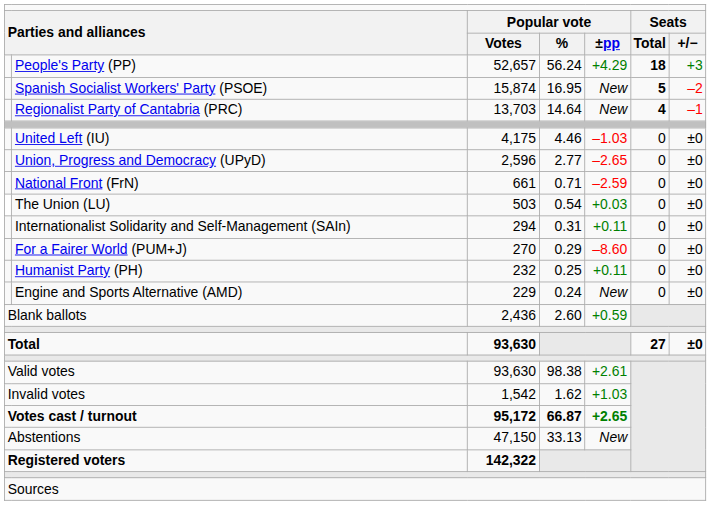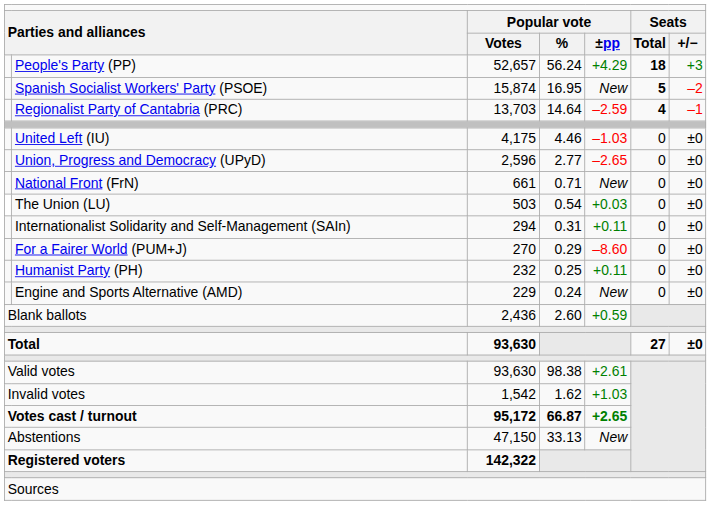 <table class="wikitable" style="text-align:right;">
 <tr>
 <td colspan="7"></td>
 </tr>
 <tr>
 <th style="text-align:left;" rowspan="2" colspan="2" width="525">Parties and alliances</th>
 <th colspan="3">Popular vote</th>
 <th colspan="2">Seats</th>
 </tr>
 <tr>
 <th width="75">Votes</th>
 <th width="45">%</th>
 <th width="45">±<a href='#'>pp</a></th>
 <th width="35">Total</th>
 <th width="35">+/−</th>
 </tr>
 <tr>
 <td width="1" style="color:inherit;background:"></td>
 <td align="left"><a href='#'>People's Party</a> (PP)</td>
 <td>52,657</td>
 <td>56.24</td>
 <td style="color:green;">+4.29</td>
 <td><strong>18</strong></td>
 <td style="color:green;">+3</td>
 </tr>
 <tr>
 <td style="color:inherit;background:"></td>
 <td align="left"><a href='#'>Spanish Socialist Workers' Party</a> (PSOE)</td>
 <td>15,874</td>
 <td>16.95</td>
 <td><em>New</em></td>
 <td><strong>5</strong></td>
 <td style="color:red;">–2</td>
 </tr>
 <tr>
 <td style="color:inherit;background:"></td>
 <td align="left"><a href='#'>Regionalist Party of Cantabria</a> (PRC)</td>
 <td>13,703</td>
 <td>14.64</td>
-<td><em>New</em></td>
+<td style="color:red;">–2.59</td>
 <td><strong>4</strong></td>
 <td style="color:red;">–1</td>
 </tr>
 <tr>
 <td colspan="7" bgcolor="#C0C0C0"></td>
 </tr>
 <tr>
 <td style="color:inherit;background:"></td>
 <td align="left"><a href='#'>United Left</a> (IU)</td>
 <td>4,175</td>
 <td>4.46</td>
 <td style="color:red;">–1.03</td>
 <td>0</td>
 <td>±0</td>
 </tr>
 <tr>
 <td style="color:inherit;background:"></td>
 <td align="left"><a href='#'>Union, Progress and Democracy</a> (UPyD)</td>
 <td>2,596</td>
 <td>2.77</td>
 <td style="color:red;">–2.65</td>
 <td>0</td>
 <td>±0</td>
 </tr>
 <tr>
 <td style="color:inherit;background:"></td>
 <td align="left"><a href='#'>National Front</a> (FrN)</td>
 <td>661</td>
 <td>0.71</td>
-<td style="color:red;">–2.59</td>
+<td><em>New</em></td>
 <td>0</td>
 <td>±0</td>
 </tr>
 <tr>
 <td bgcolor="white"></td>
 <td align="left">The Union (LU)</td>
 <td>503</td>
 <td>0.54</td>
 <td style="color:green;">+0.03</td>
 <td>0</td>
 <td>±0</td>
 </tr>
 <tr>
 <td style="color:inherit;background:"></td>
 <td align="left">Internationalist Solidarity and Self-Management (SAIn)</td>
 <td>294</td>
 <td>0.31</td>
 <td style="color:green;">+0.11</td>
 <td>0</td>
 <td>±0</td>
 </tr>
 <tr>
 <td style="color:inherit;background:"></td>
 <td align="left"><a href='#'>For a Fairer World</a> (PUM+J)</td>
 <td>270</td>
 <td>0.29</td>
 <td style="color:red;">–8.60</td>
 <td>0</td>
 <td>±0</td>
 </tr>
 <tr>
 <td style="color:inherit;background:"></td>
 <td align="left"><a href='#'>Humanist Party</a> (PH)</td>
 <td>232</td>
 <td>0.25</td>
 <td style="color:green;">+0.11</td>
 <td>0</td>
 <td>±0</td>
 </tr>
 <tr>
 <td style="color:inherit;background:"></td>
 <td align="left">Engine and Sports Alternative (AMD)</td>
 <td>229</td>
 <td>0.24</td>
 <td><em>New</em></td>
 <td>0</td>
 <td>±0</td>
 </tr>
 <tr>
 <td align="left" colspan="2">Blank ballots</td>
 <td>2,436</td>
 <td>2.60</td>
 <td style="color:green;">+0.59</td>
 <td bgcolor="#E9E9E9" colspan="2"></td>
 </tr>
 <tr>
 <td colspan="7" bgcolor="#E9E9E9"></td>
 </tr>
 <tr style="font-weight:bold;">
 <td align="left" colspan="2">Total</td>
 <td>93,630</td>
 <td bgcolor="#E9E9E9" colspan="2"></td>
 <td>27</td>
 <td>±0</td>
 </tr>
 <tr>
 <td colspan="7" bgcolor="#E9E9E9"></td>
 </tr>
 <tr>
 <td align="left" colspan="2">Valid votes</td>
 <td>93,630</td>
 <td>98.38</td>
 <td style="color:green;">+2.61</td>
 <td bgcolor="#E9E9E9" colspan="2" rowspan="5"></td>
 </tr>
 <tr>
 <td align="left" colspan="2">Invalid votes</td>
 <td>1,542</td>
 <td>1.62</td>
 <td style="color:green;">+1.03</td>
 </tr>
 <tr style="font-weight:bold;">
 <td align="left" colspan="2">Votes cast / turnout</td>
 <td>95,172</td>
 <td>66.87</td>
 <td style="color:green;">+2.65</td>
 </tr>
 <tr>
 <td align="left" colspan="2">Abstentions</td>
 <td>47,150</td>
 <td>33.13</td>
 <td><em>New</em></td>
 </tr>
 <tr style="font-weight:bold;">
 <td align="left" colspan="2">Registered voters</td>
 <td>142,322</td>
 <td bgcolor="#E9E9E9" colspan="2"></td>
 </tr>
 <tr>
 <td colspan="7" bgcolor="#E9E9E9"></td>
 </tr>
 <tr>
 <td align="left" colspan="7">Sources</td>
 </tr>
 </table>
